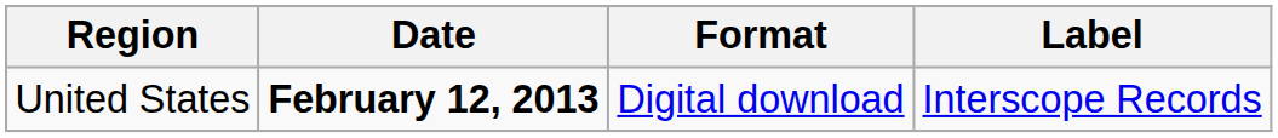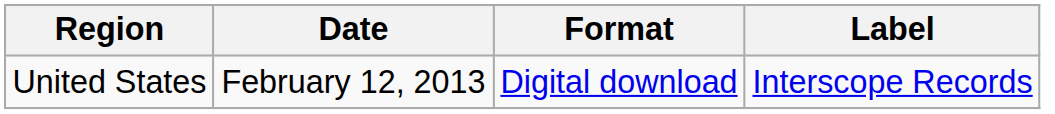 <table class=wikitable>
 <tr>
 <th>Region</th>
 <th>Date</th>
 <th>Format</th>
 <th>Label</th>
 </tr>
 <tr>
 <td>United States</td>
-<td><strong>February 12, 2013</strong></td>
+<td>February 12, 2013</td>
 <td><a href='#'>Digital download</a></td>
 <td><a href='#'>Interscope Records</a></td>
 </tr>
 <tr>
 </tr>
 </table>
